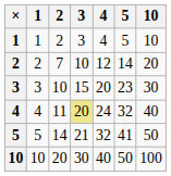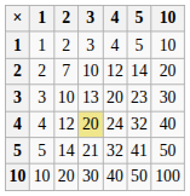 <table class="wikitable floatright" style="text-align:center">
 <tr>
 <th>×</th>
 <th>1</th>
 <th>2</th>
 <th>3</th>
 <th>4</th>
 <th>5</th>
 <th>10</th>
 </tr>
 <tr>
 <th>1</th>
 <td>1</td>
 <td>2</td>
 <td>3</td>
 <td>4</td>
 <td>5</td>
 <td>10</td>
 </tr>
 <tr>
 <th>2</th>
 <td>2</td>
 <td>7</td>
 <td>10</td>
 <td>12</td>
 <td>14</td>
 <td>20</td>
 </tr>
 <tr>
 <th>3</th>
 <td>3</td>
 <td>10</td>
-<td>15</td>
+<td>13</td>
 <td>20</td>
 <td>23</td>
 <td>30</td>
 </tr>
 <tr>
 <th>4</th>
 <td>4</td>
-<td>11</td>
+<td>12</td>
 <td style="background: khaki;">20</td>
 <td>24</td>
 <td>32</td>
 <td>40</td>
 </tr>
 <tr>
 <th>5</th>
 <td>5</td>
 <td>14</td>
 <td>21</td>
 <td>32</td>
 <td>41</td>
 <td>50</td>
 </tr>
 <tr>
 <th>10</th>
 <td>10</td>
 <td>20</td>
 <td>30</td>
 <td>40</td>
 <td>50</td>
 <td>100</td>
 </tr>
 </table>
